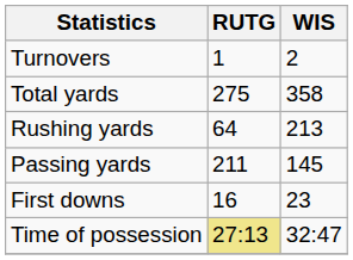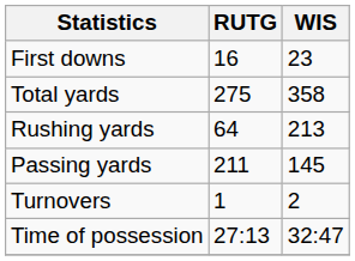 <table class="wikitable">
 <tr>
 <th>Statistics</th>
 <th>RUTG</th>
 <th>WIS</th>
 </tr>
 <tr>
-<td>Turnovers</td>
-<td>1</td>
-<td>2</td>
+<td>First downs</td>
+<td>16</td>
+<td>23</td>
 </tr>
 <tr>
 <td>Total yards</td>
 <td>275</td>
 <td>358</td>
 </tr>
 <tr>
 <td>Rushing yards</td>
 <td>64</td>
 <td>213</td>
 </tr>
 <tr>
 <td>Passing yards</td>
 <td>211</td>
 <td>145</td>
 </tr>
 <tr>
-<td>First downs</td>
-<td>16</td>
-<td>23</td>
+<td>Turnovers</td>
+<td>1</td>
+<td>2</td>
 </tr>
 <tr>
 <td>Time of possession</td>
-<td style="background: khaki;">27:13</td>
+<td>27:13</td>
 <td>32:47</td>
 </tr>
 <tr>
 </tr>
 </table>
